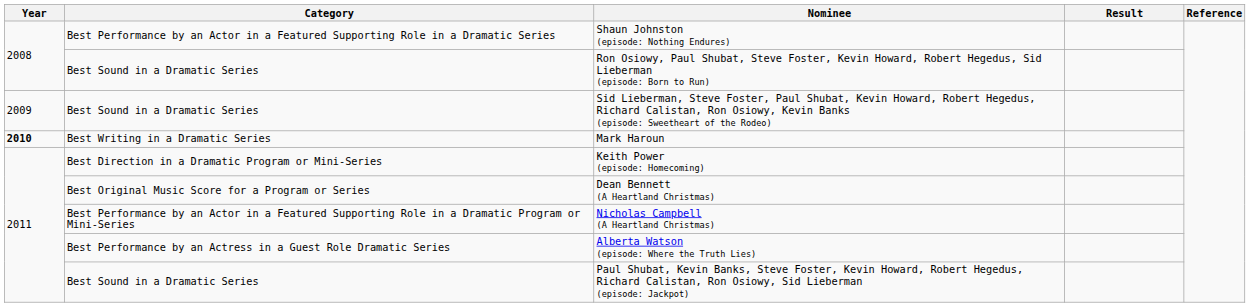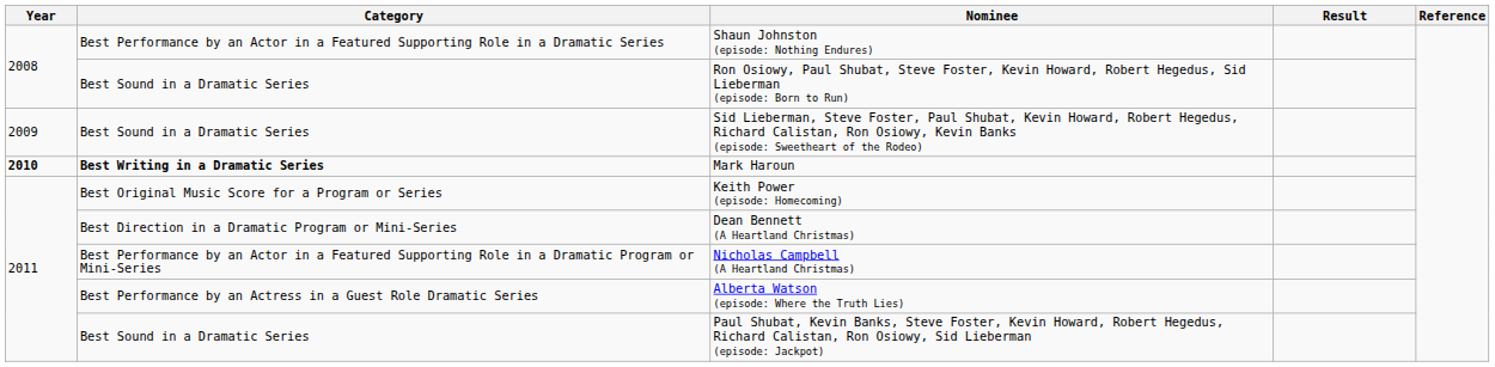 <table class="wikitable">
 <tr>
 <th width=5%>Year</th>
 <th width=45%>Category</th>
 <th width=40%>Nominee</th>
 <th width=10%>Result</th>
 <th width=5%>Reference</th>
 </tr>
 <tr>
 <td rowspan="2">2008</td>
 <td>Best Performance by an Actor in a Featured Supporting Role in a Dramatic Series</td>
 <td>Shaun Johnston<br><small>(episode: Nothing Endures)</small></td>
 <td></td>
 <td rowspan="9"></td>
 </tr>
 <tr>
 <td>Best Sound in a Dramatic Series</td>
 <td>Ron Osiowy, Paul Shubat, Steve Foster, Kevin Howard, Robert Hegedus, Sid Lieberman<br><small>(episode: Born to Run)</small></td>
 <td></td>
 </tr>
 <tr>
 <td>2009</td>
 <td>Best Sound in a Dramatic Series</td>
 <td>Sid Lieberman, Steve Foster, Paul Shubat, Kevin Howard, Robert Hegedus, Richard Calistan, Ron Osiowy, Kevin Banks<br><small>(episode: Sweetheart of the Rodeo)</small></td>
 <td></td>
 </tr>
 <tr>
 <td><strong>2010</strong></td>
-<td>Best Writing in a Dramatic Series</td>
+<td><strong>Best Writing in a Dramatic Series</strong></td>
 <td>Mark Haroun</td>
 <td></td>
 </tr>
 <tr>
 <td rowspan="5">2011</td>
-<td>Best Direction in a Dramatic Program or Mini-Series</td>
+<td>Best Original Music Score for a Program or Series</td>
 <td>Keith Power<br><small>(episode: Homecoming)</small></td>
 <td></td>
 </tr>
 <tr>
-<td>Best Original Music Score for a Program or Series</td>
+<td>Best Direction in a Dramatic Program or Mini-Series</td>
 <td>Dean Bennett<br><small>(A Heartland Christmas)</small></td>
 <td></td>
 </tr>
 <tr>
 <td>Best Performance by an Actor in a Featured Supporting Role in a Dramatic Program or Mini-Series</td>
 <td><a href='#'>Nicholas Campbell</a><br><small>(A Heartland Christmas)</small></td>
 <td></td>
 </tr>
 <tr>
 <td>Best Performance by an Actress in a Guest Role Dramatic Series</td>
 <td><a href='#'>Alberta Watson</a><br><small>(episode: Where the Truth Lies)</small></td>
 <td></td>
 </tr>
 <tr>
 <td>Best Sound in a Dramatic Series</td>
 <td>Paul Shubat, Kevin Banks, Steve Foster, Kevin Howard, Robert Hegedus, Richard Calistan, Ron Osiowy, Sid Lieberman<br><small>(episode: Jackpot)</small></td>
 <td></td>
 </tr>
 </table>
